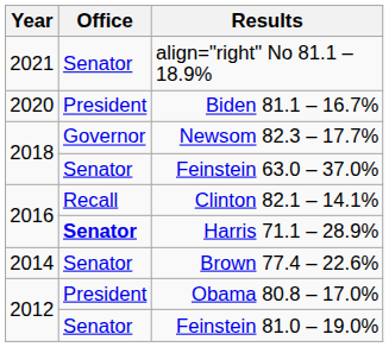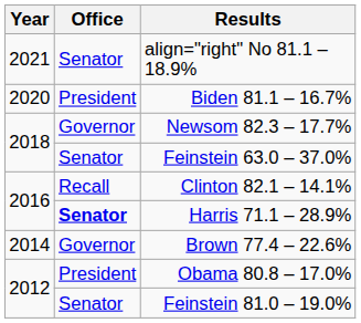 <table class=wikitable>
 <tr>
 <th width="30">Year</th>
 <th width="60">Office</th>
 <th width="180">Results</th>
 </tr>
 <tr>
 <td>2021</td>
 <td><a href='#'>Senator</a></td>
 <td>align="right"  No 81.1 – 18.9%</td>
 </tr>
 <tr>
 <td>2020</td>
 <td><a href='#'>President</a></td>
 <td align="right" ><a href='#'>Biden</a> 81.1 – 16.7%</td>
 </tr>
 <tr>
 <td rowspan="2">2018</td>
 <td><a href='#'>Governor</a></td>
 <td align="right" ><a href='#'>Newsom</a> 82.3 – 17.7%</td>
 </tr>
 <tr>
 <td><a href='#'>Senator</a></td>
 <td align="right" ><a href='#'>Feinstein</a> 63.0 – 37.0%</td>
 </tr>
 <tr>
 <td rowspan="2">2016</td>
 <td><a href='#'>Recall</a></td>
 <td align="right" ><a href='#'>Clinton</a> 82.1 – 14.1%</td>
 </tr>
 <tr>
 <td><strong><a href='#'>Senator</a></strong></td>
 <td align="right" ><a href='#'>Harris</a> 71.1 – 28.9%</td>
 </tr>
 <tr>
 <td>2014</td>
-<td><a href='#'>Senator</a></td>
+<td><a href='#'>Governor</a></td>
 <td align="right" ><a href='#'>Brown</a> 77.4 – 22.6%</td>
 </tr>
 <tr>
 <td rowspan="2">2012</td>
 <td><a href='#'>President</a></td>
 <td align="right" ><a href='#'>Obama</a> 80.8 – 17.0%</td>
 </tr>
 <tr>
 <td><a href='#'>Senator</a></td>
 <td align="right" ><a href='#'>Feinstein</a> 81.0 – 19.0%</td>
 </tr>
 </table>
